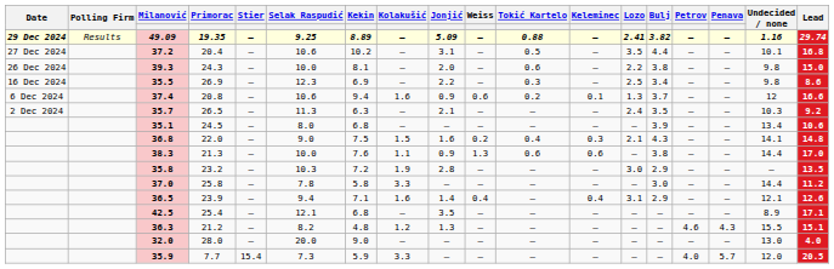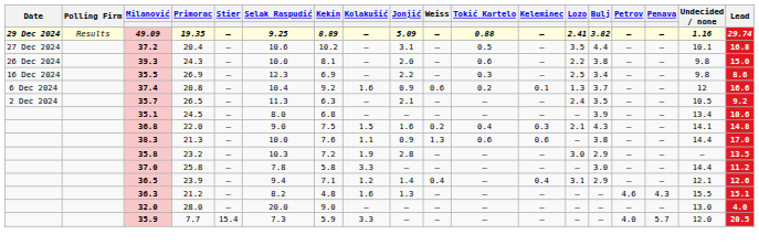 <table class="wikitable" style="text-align:center; font-size:80%">
 <tr>
 <th rowspan="2">Date</th>
 <th rowspan="2">Polling Firm</th>
 <th><a href='#'>Milanović</a></th>
 <th><a href='#'>Primorac</a></th>
 <th><a href='#'>Stier</a></th>
 <th><a href='#'>Selak Raspudić</a></th>
 <th><a href='#'>Kekin</a></th>
 <th><a href='#'>Kolakušić</a></th>
 <th><a href='#'>Jonjić</a></th>
 <th>Weiss</th>
 <th><a href='#'>Tokić Kartelo</a></th>
 <th><a href='#'>Keleminec</a></th>
 <th><a href='#'>Lozo</a></th>
 <th><a href='#'>Bulj</a></th>
 <th><a href='#'>Petrov</a></th>
 <th><a href='#'>Penava</a></th>
 <th rowspan="2" style="width:40px;">Undecided / none</th>
 <th rowspan="2" style="width:20px;">Lead</th>
 </tr>
 <tr>
 <th style="background:"></th>
 <th style="background:"></th>
 <th style="background:"></th>
 <th style="background:"></th>
 <th style="background:"></th>
 <th style="background:"></th>
 <th style="background:"></th>
 <th style="background:"></th>
 <th style="background:"></th>
 <th style="background:"></th>
 <th style="background:"></th>
 <th style="background:"></th>
 <th style="background:"></th>
 <th style="background:"></th>
 </tr>
 <tr style="background:#ffd;">
 <td><strong><em>29 Dec 2024</em></strong></td>
 <td><em>Results</em></td>
 <td style="background:#F9C8CA"><strong><em>49.09</em></strong></td>
 <td><strong><em>19.35</em></strong></td>
 <td><strong><em>–</em></strong></td>
 <td><strong><em>9.25</em></strong></td>
 <td><strong><em>8.89</em></strong></td>
 <td><strong><em>–</em></strong></td>
 <td><strong><em>5.09</em></strong></td>
 <td><strong><em>–</em></strong></td>
 <td><strong><em>0.88</em></strong></td>
 <td><strong><em>–</em></strong></td>
 <td><strong><em>2.41</em></strong></td>
 <td><strong><em>3.82</em></strong></td>
 <td><strong><em>–</em></strong></td>
 <td><strong><em>–</em></strong></td>
 <td><strong><em>1.16</em></strong></td>
 <td style="background:#DF1A22; color:white;"><strong><em>29.74</em></strong></td>
 </tr>
 <tr>
 <td>27 Dec 2024</td>
 <td></td>
 <td style="background:#F9C8CA"><strong>37.2</strong></td>
 <td>20.4</td>
 <td>–</td>
 <td>10.6</td>
 <td>10.2</td>
 <td>–</td>
 <td>3.1</td>
 <td>–</td>
 <td>0.5</td>
 <td>–</td>
 <td>3.5</td>
 <td>4.4</td>
 <td>–</td>
 <td>–</td>
 <td>10.1</td>
 <td style="background:#DF1A22; color:white;"><strong>16.8</strong></td>
 </tr>
 <tr>
 <td>26 Dec 2024</td>
 <td></td>
 <td style="background:#F9C8CA"><strong>39.3</strong></td>
 <td>24.3</td>
 <td>–</td>
 <td>10.0</td>
 <td>8.1</td>
 <td>–</td>
 <td>2.0</td>
 <td>–</td>
 <td>0.6</td>
 <td>–</td>
 <td>2.2</td>
 <td>3.8</td>
 <td>–</td>
 <td>–</td>
 <td>9.8</td>
 <td style="background:#DF1A22; color:white;"><strong>15.0</strong></td>
 </tr>
 <tr>
 <td>16 Dec 2024</td>
 <td></td>
 <td style="background:#F9C8CA"><strong>35.5</strong></td>
 <td>26.9</td>
 <td>–</td>
 <td>12.3</td>
 <td>6.9</td>
 <td>–</td>
 <td>2.2</td>
 <td>–</td>
 <td>0.3</td>
 <td>–</td>
 <td>2.5</td>
 <td>3.4</td>
 <td>–</td>
 <td>–</td>
 <td>9.8</td>
 <td style="background:#DF1A22; color:white;"><strong>8.6</strong></td>
 </tr>
 <tr>
 <td>6 Dec 2024</td>
 <td></td>
 <td style="background:#F9C8CA"><strong>37.4</strong></td>
 <td>20.8</td>
 <td>–</td>
-<td>10.6</td>
-<td>9.4</td>
+<td>10.4</td>
+<td>9.2</td>
 <td>1.6</td>
 <td>0.9</td>
 <td>0.6</td>
 <td>0.2</td>
 <td>0.1</td>
 <td>1.3</td>
 <td>3.7</td>
 <td>–</td>
 <td>–</td>
 <td>12</td>
 <td style="background:#DF1A22; color:white;"><strong>16.6</strong></td>
 </tr>
 <tr>
 <td>2 Dec 2024</td>
 <td></td>
 <td style="background:#F9C8CA"><strong>35.7</strong></td>
 <td>26.5</td>
 <td>–</td>
 <td>11.3</td>
 <td>6.3</td>
 <td>–</td>
 <td>2.1</td>
 <td>–</td>
 <td>–</td>
 <td>–</td>
 <td>2.4</td>
 <td>3.5</td>
 <td>–</td>
 <td>–</td>
-<td>10.3</td>
+<td>10.5</td>
 <td style="background:#DF1A22; color:white;"><strong>9.2</strong></td>
 </tr>
 <tr>
 <td></td>
 <td></td>
 <td style="background:#F9C8CA"><strong>35.1</strong></td>
 <td>24.5</td>
 <td>–</td>
 <td>8.0</td>
 <td>6.8</td>
 <td>–</td>
 <td>–</td>
 <td>–</td>
 <td>–</td>
 <td>–</td>
 <td>–</td>
 <td>3.9</td>
 <td>–</td>
 <td>–</td>
 <td>13.4</td>
 <td style="background:#DF1A22; color:white;"><strong>10.6</strong></td>
 </tr>
 <tr>
 <td></td>
 <td></td>
 <td style="background:#F9C8CA"><strong>36.8</strong></td>
 <td>22.0</td>
 <td>–</td>
 <td>9.0</td>
 <td>7.5</td>
 <td>1.5</td>
 <td>1.6</td>
 <td>0.2</td>
 <td>0.4</td>
 <td>0.3</td>
 <td>2.1</td>
 <td>4.3</td>
 <td>–</td>
 <td>–</td>
 <td>14.1</td>
 <td style="background:#DF1A22; color:white;"><strong>14.8</strong></td>
 </tr>
 <tr>
 <td></td>
 <td></td>
 <td style="background:#F9C8CA"><strong>38.3</strong></td>
 <td>21.3</td>
 <td>–</td>
 <td>10.0</td>
 <td>7.6</td>
 <td>1.1</td>
 <td>0.9</td>
 <td>1.3</td>
 <td>0.6</td>
 <td>0.6</td>
 <td>–</td>
 <td>3.8</td>
 <td>–</td>
 <td>–</td>
 <td>14.4</td>
 <td style="background:#DF1A22; color:white;"><strong>17.0</strong></td>
 </tr>
 <tr>
 <td></td>
 <td></td>
 <td style="background:#F9C8CA"><strong>35.8</strong></td>
 <td>23.2</td>
 <td>–</td>
 <td>10.3</td>
 <td>7.2</td>
 <td>1.9</td>
 <td>2.8</td>
 <td>–</td>
 <td>–</td>
 <td>–</td>
 <td>3.0</td>
 <td>2.9</td>
 <td>–</td>
 <td>–</td>
 <td>–</td>
 <td style="background:#DF1A22; color:white;"><strong>13.5</strong></td>
 </tr>
 <tr>
 <td></td>
 <td></td>
 <td style="background:#F9C8CA"><strong>37.0</strong></td>
 <td>25.8</td>
 <td>–</td>
 <td>7.8</td>
 <td>5.8</td>
 <td>3.3</td>
 <td>–</td>
 <td>–</td>
 <td>–</td>
 <td>–</td>
 <td>–</td>
 <td>3.0</td>
 <td>–</td>
 <td>–</td>
 <td>14.4</td>
 <td style="background:#DF1A22; color:white;"><strong>11.2</strong></td>
 </tr>
 <tr>
 <td></td>
 <td></td>
 <td style="background:#F9C8CA"><strong>36.5</strong></td>
 <td>23.9</td>
 <td>–</td>
 <td>9.4</td>
 <td>7.1</td>
-<td>1.6</td>
+<td>1.2</td>
 <td>1.4</td>
 <td>0.4</td>
 <td>–</td>
 <td>0.4</td>
 <td>3.1</td>
 <td>2.9</td>
 <td>–</td>
 <td>–</td>
 <td>12.1</td>
 <td style="background:#DF1A22; color:white;"><strong>12.6</strong></td>
 </tr>
 <tr>
 <td></td>
 <td></td>
-<td style="background:#F9C8CA"><strong>42.5</strong></td>
-<td>25.4</td>
-<td>–</td>
-<td>12.1</td>
-<td>6.8</td>
-<td>–</td>
-<td>3.5</td>
-<td>–</td>
-<td>–</td>
-<td>–</td>
-<td>–</td>
-<td>–</td>
-<td>–</td>
-<td>–</td>
-<td>8.9</td>
-<td style="background:#DF1A22; color:white;"><strong>17.1</strong></td>
-</tr>
-<tr>
-<td></td>
-<td></td>
 <td style="background:#F9C8CA"><strong>36.3</strong></td>
 <td>21.2</td>
 <td>–</td>
 <td>8.2</td>
 <td>4.8</td>
-<td>1.2</td>
+<td>1.6</td>
 <td>1.3</td>
 <td>–</td>
 <td>–</td>
 <td>–</td>
 <td>–</td>
 <td>–</td>
 <td>4.6</td>
 <td>4.3</td>
 <td>15.5</td>
 <td style="background:#DF1A22; color:white;"><strong>15.1</strong></td>
 </tr>
 <tr>
 <td></td>
 <td></td>
 <td style="background:#F9C8CA"><strong>32.0</strong></td>
 <td>28.0</td>
 <td>–</td>
 <td>20.0</td>
 <td>9.0</td>
 <td>–</td>
 <td>–</td>
 <td>–</td>
 <td>–</td>
 <td>–</td>
 <td>–</td>
 <td>–</td>
 <td>–</td>
 <td>–</td>
 <td>13.0</td>
 <td style="background:#DF1A22; color:white;"><strong>4.0</strong></td>
 </tr>
 <tr>
 <td></td>
 <td></td>
 <td style="background:#F9C8CA"><strong>35.9</strong></td>
 <td>7.7</td>
 <td>15.4</td>
 <td>7.3</td>
 <td>5.9</td>
 <td>3.3</td>
 <td>–</td>
 <td>–</td>
 <td>–</td>
 <td>–</td>
 <td>–</td>
 <td>–</td>
 <td>4.0</td>
 <td>5.7</td>
 <td>12.0</td>
 <td style="background:#DF1A22; color:white;"><strong>20.5</strong></td>
 </tr>
 </table>
